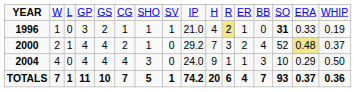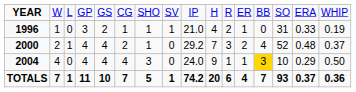 <table class="wikitable" style="text-align:center;">
 <tr>
 <td><strong>YEAR</strong></td>
 <td><a href='#'>W</a></td>
 <td><a href='#'>L</a></td>
 <td><a href='#'>GP</a></td>
 <td><a href='#'>GS</a></td>
 <td><a href='#'>CG</a></td>
 <td><a href='#'>SHO</a></td>
 <td><a href='#'>SV</a></td>
 <td><a href='#'>IP</a></td>
 <td><a href='#'>H</a></td>
 <td><a href='#'>R</a></td>
 <td><a href='#'>ER</a></td>
 <td><a href='#'>BB</a></td>
 <td><a href='#'>SO</a></td>
 <td><a href='#'>ERA</a></td>
 <td><a href='#'>WHIP</a></td>
 </tr>
 <tr>
 <td><strong>1996</strong></td>
 <td>1</td>
 <td>0</td>
 <td>3</td>
 <td>2</td>
 <td>1</td>
 <td>1</td>
 <td>1</td>
 <td>21.0</td>
 <td>4</td>
-<td style="background: khaki;">2</td>
+<td>2</td>
 <td>1</td>
 <td>0</td>
-<td><strong>31</strong></td>
+<td>31</td>
 <td>0.33</td>
 <td>0.19</td>
 </tr>
 <tr>
 <td><strong>2000</strong></td>
 <td>2</td>
 <td>1</td>
 <td>4</td>
 <td>4</td>
 <td>2</td>
 <td>1</td>
 <td>0</td>
 <td>29.2</td>
 <td>7</td>
 <td>3</td>
 <td>2</td>
 <td>4</td>
 <td>52</td>
-<td style="background: khaki;">0.48</td>
+<td>0.48</td>
 <td>0.37</td>
 </tr>
 <tr>
 <td><strong>2004</strong></td>
 <td>4</td>
 <td>0</td>
 <td>4</td>
 <td>4</td>
 <td>4</td>
 <td>3</td>
 <td>0</td>
 <td>24.0</td>
 <td>9</td>
 <td>1</td>
 <td>1</td>
-<td>3</td>
+<td style="background: gold;">3</td>
 <td>10</td>
 <td>0.29</td>
 <td>0.50</td>
 </tr>
 <tr>
 <td><strong>TOTALS</strong></td>
 <td><strong>7</strong></td>
 <td><strong>1</strong></td>
 <td><strong>11</strong></td>
 <td><strong>10</strong></td>
 <td><strong>7</strong></td>
 <td><strong>5</strong></td>
 <td><strong>1</strong></td>
 <td><strong>74.2</strong></td>
 <td><strong>20</strong></td>
 <td><strong>6</strong></td>
 <td><strong>4</strong></td>
 <td><strong>7</strong></td>
 <td><strong>93</strong></td>
 <td><strong>0.37</strong></td>
 <td><strong>0.36</strong></td>
 </tr>
 </table>
